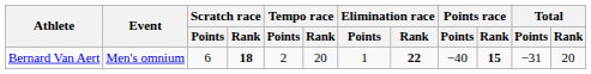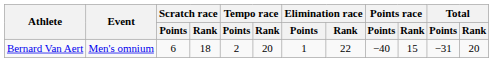 <table class=wikitable style=font-size:90%;text-align:center>
 <tr>
 <th rowspan=2>Athlete</th>
 <th rowspan=2>Event</th>
 <th colspan=2>Scratch race</th>
 <th colspan=2>Tempo race</th>
 <th colspan=2>Elimination race</th>
 <th colspan=2>Points race</th>
 <th colspan=2>Total</th>
 </tr>
 <tr style=font-size:95%>
 <th>Points</th>
 <th>Rank</th>
 <th>Points</th>
 <th>Rank</th>
 <th>Points</th>
 <th>Rank</th>
 <th>Points</th>
 <th>Rank</th>
 <th>Points</th>
 <th>Rank</th>
 </tr>
 <tr>
 <td align=left><a href='#'>Bernard Van Aert</a></td>
 <td align=left><a href='#'>Men's omnium</a></td>
 <td>6</td>
-<td><strong>18</strong></td>
+<td>18</td>
 <td>2</td>
 <td>20</td>
 <td>1</td>
-<td><strong>22</strong></td>
+<td>22</td>
 <td>−40</td>
-<td><strong>15</strong></td>
+<td>15</td>
 <td>−31</td>
 <td>20</td>
 </tr>
 </table>
